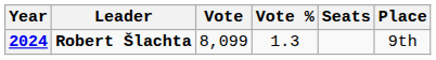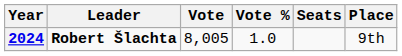 <table class="wikitable" style="text-align:center;font-size:100%;line-height:14px;">
 <tr>
 <th>Year</th>
 <th>Leader</th>
 <th>Vote</th>
 <th>Vote %</th>
 <th>Seats</th>
 <th>Place</th>
 </tr>
 <tr>
 <th><a href='#'>2024</a></th>
 <td><strong>Robert Šlachta</strong></td>
-<td>8,099</td>
-<td>1.3</td>
+<td>8,005</td>
+<td>1.0</td>
 <td></td>
 <td>9th</td>
 </tr>
 </table>
